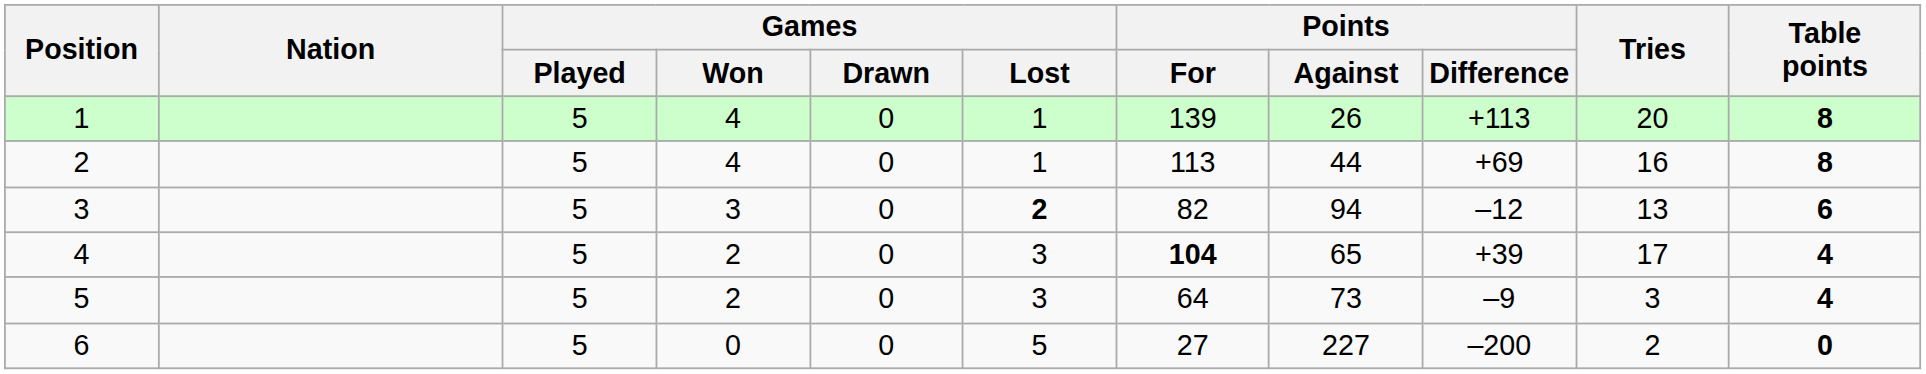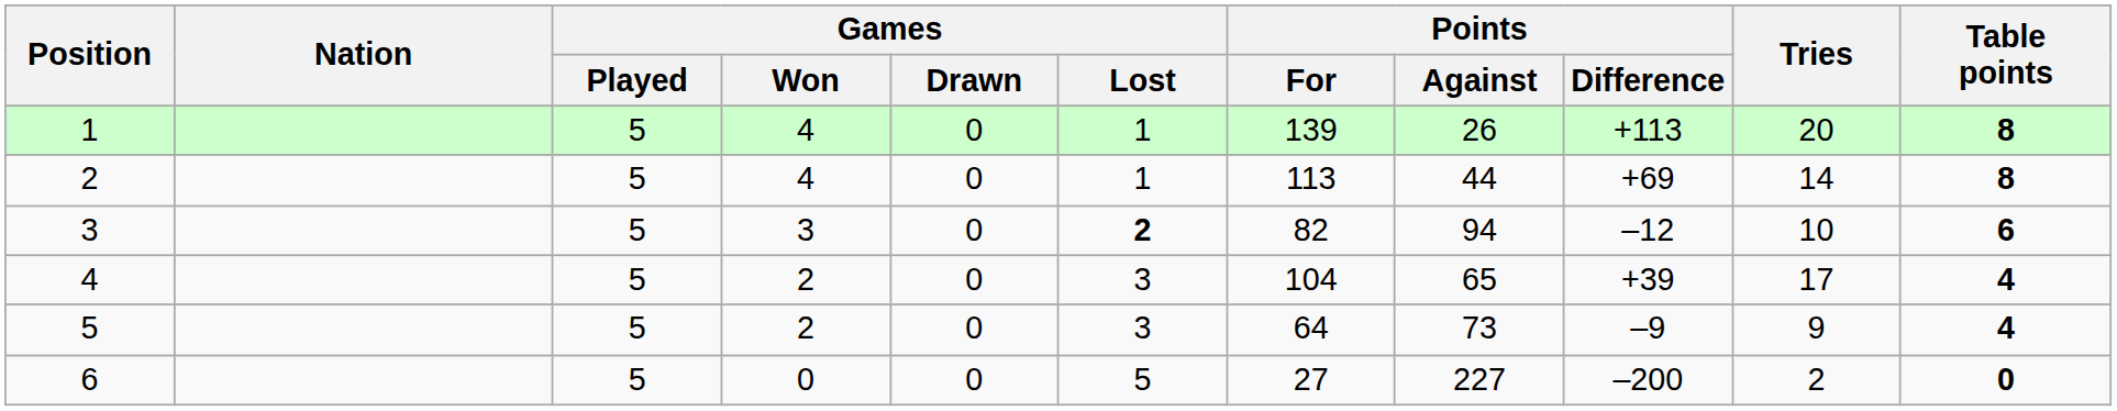 <table class="wikitable" style="text-align: center;">
 <tr>
 <th rowspan=2 width="8%">Position</th>
 <th rowspan=2 width="18%">Nation</th>
 <th colspan=4 width="32%">Games</th>
 <th colspan=3 width="24%">Points</th>
 <th rowspan=2 width="8%">Tries</th>
 <th rowspan=2 width="10%">Table<br>points</th>
 </tr>
 <tr>
 <th width="8%">Played</th>
 <th width="8%">Won</th>
 <th width="8%">Drawn</th>
 <th width="8%">Lost</th>
 <th width="8%">For</th>
 <th width="8%">Against</th>
 <th width="8%">Difference</th>
 </tr>
 <tr bgcolor=#ccffcc align=center>
 <td>1</td>
 <td align=left></td>
 <td>5</td>
 <td>4</td>
 <td>0</td>
 <td>1</td>
 <td>139</td>
 <td>26</td>
 <td>+113</td>
 <td>20</td>
 <td><strong>8</strong></td>
 </tr>
 <tr>
 <td>2</td>
 <td align=left></td>
 <td>5</td>
 <td>4</td>
 <td>0</td>
 <td>1</td>
 <td>113</td>
 <td>44</td>
 <td>+69</td>
-<td>16</td>
+<td>14</td>
 <td><strong>8</strong></td>
 </tr>
 <tr>
 <td>3</td>
 <td align=left></td>
 <td>5</td>
 <td>3</td>
 <td>0</td>
 <td><strong>2</strong></td>
 <td>82</td>
 <td>94</td>
 <td>–12</td>
-<td>13</td>
+<td>10</td>
 <td><strong>6</strong></td>
 </tr>
 <tr>
 <td>4</td>
 <td align=left></td>
 <td>5</td>
 <td>2</td>
 <td>0</td>
 <td>3</td>
-<td><strong>104</strong></td>
+<td>104</td>
 <td>65</td>
 <td>+39</td>
 <td>17</td>
 <td><strong>4</strong></td>
 </tr>
 <tr>
 <td>5</td>
 <td align=left></td>
 <td>5</td>
 <td>2</td>
 <td>0</td>
 <td>3</td>
 <td>64</td>
 <td>73</td>
 <td>–9</td>
-<td>3</td>
+<td>9</td>
 <td><strong>4</strong></td>
 </tr>
 <tr>
 <td>6</td>
 <td align=left></td>
 <td>5</td>
 <td>0</td>
 <td>0</td>
 <td>5</td>
 <td>27</td>
 <td>227</td>
 <td>–200</td>
 <td>2</td>
 <td><strong>0</strong></td>
 </tr>
 </table>
